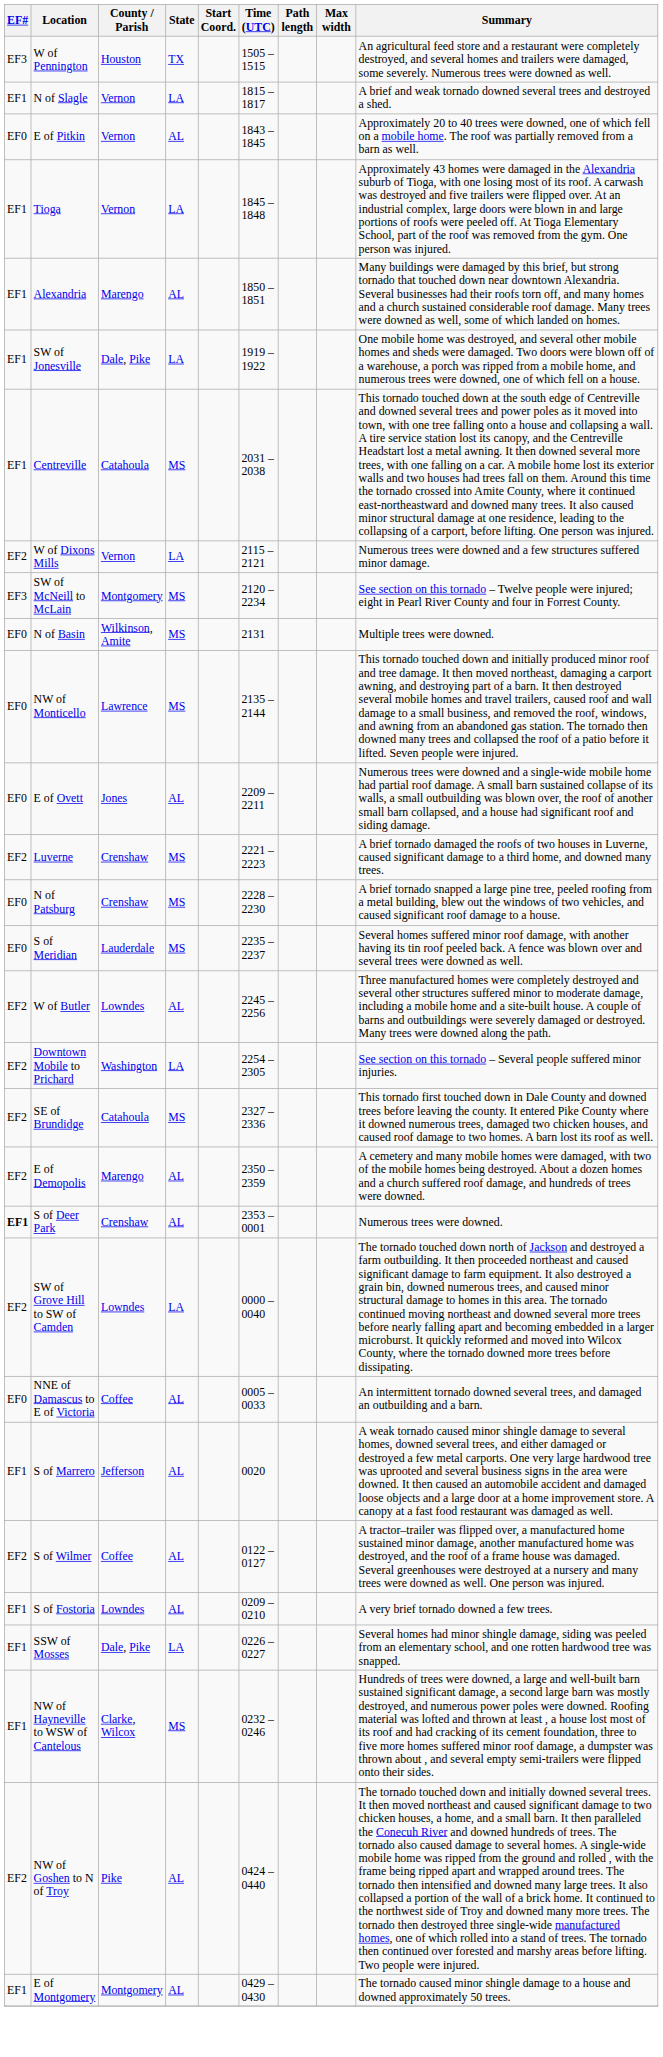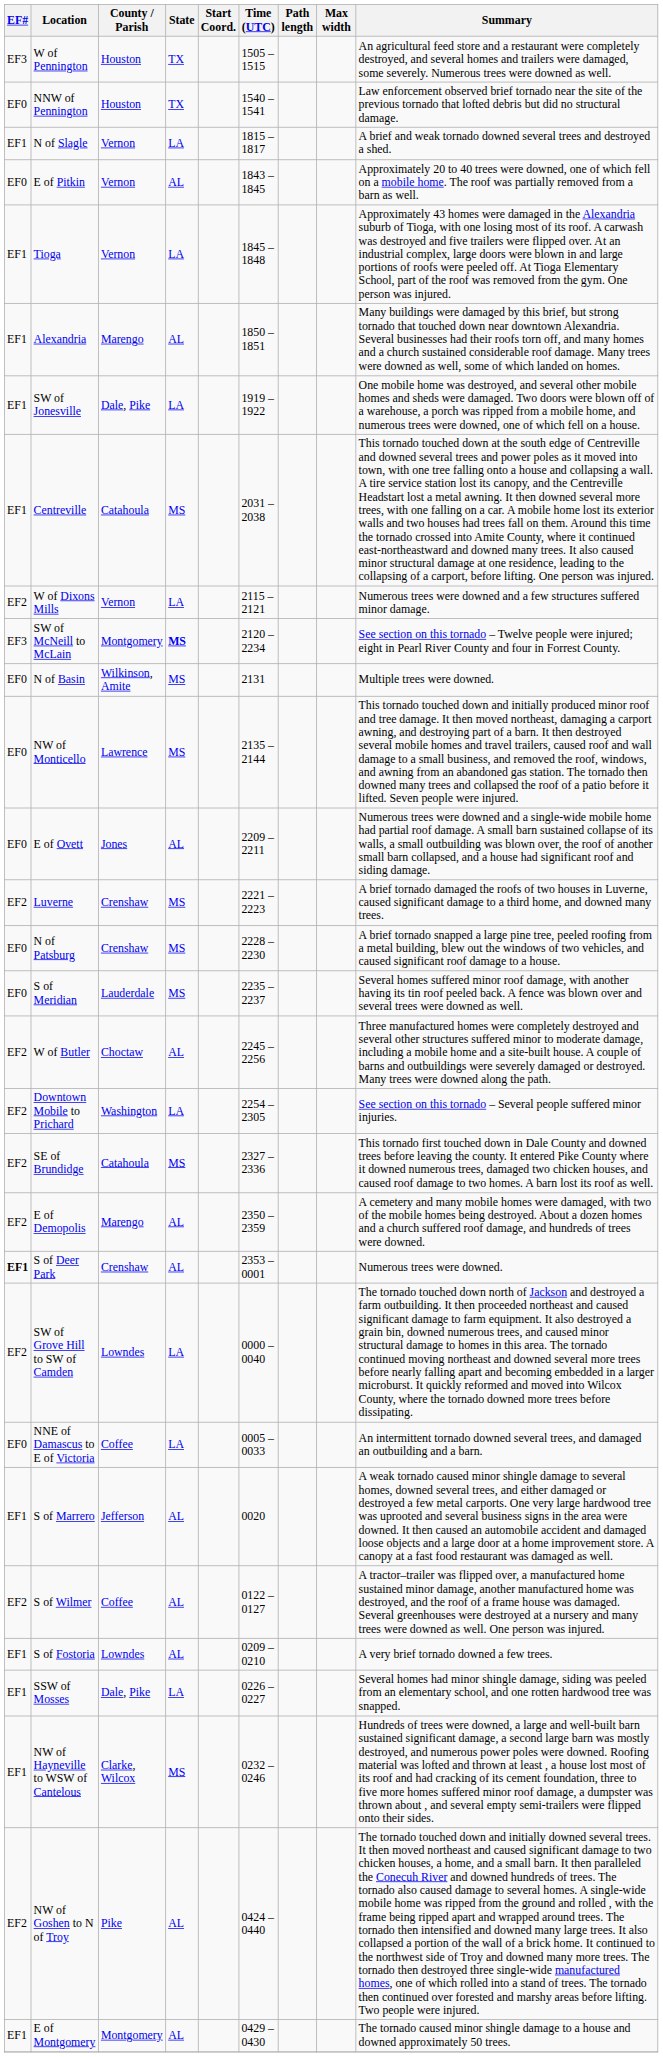 <table class="wikitable sortable" style="width:100%;">
 <tr>
 <th scope="col" width="3%" align="center"><a href='#'>EF#</a></th>
 <th scope="col" width="7%" align="center" class="unsortable">Location</th>
 <th scope="col" width="6%" align="center" class="unsortable">County / Parish</th>
 <th scope="col" width="5%" align="center">State</th>
 <th scope="col" width="6%" align="center">Start Coord.</th>
 <th scope="col" width="6%" align="center">Time (<a href='#'>UTC</a>)</th>
 <th scope="col" width="6%" align="center">Path length</th>
 <th scope="col" width="6%" align="center">Max width</th>
 <th scope="col" width="48%" class="unsortable" align="center">Summary</th>
 </tr>
 <tr>
 <td>EF3</td>
 <td>W of <a href='#'>Pennington</a></td>
 <td><a href='#'>Houston</a></td>
 <td><a href='#'>TX</a></td>
 <td></td>
 <td>1505 – 1515</td>
 <td></td>
 <td></td>
 <td>An agricultural feed store and a restaurant were completely destroyed, and several homes and trailers were damaged, some severely. Numerous trees were downed as well.</td>
+</tr>
+<tr>
+<td>EF0</td>
+<td>NNW of <a href='#'>Pennington</a></td>
+<td><a href='#'>Houston</a></td>
+<td><a href='#'>TX</a></td>
+<td></td>
+<td>1540 – 1541</td>
+<td></td>
+<td></td>
+<td>Law enforcement observed brief tornado near the site of the previous tornado that lofted debris but did no structural damage.</td>
 </tr>
 <tr>
 <td>EF1</td>
 <td>N of <a href='#'>Slagle</a></td>
 <td><a href='#'>Vernon</a></td>
 <td><a href='#'>LA</a></td>
 <td></td>
 <td>1815 – 1817</td>
 <td></td>
 <td></td>
 <td>A brief and weak tornado downed several trees and destroyed a shed.</td>
 </tr>
 <tr>
 <td>EF0</td>
 <td>E of <a href='#'>Pitkin</a></td>
 <td><a href='#'>Vernon</a></td>
 <td><a href='#'>AL</a></td>
 <td></td>
 <td>1843 – 1845</td>
 <td></td>
 <td></td>
 <td>Approximately 20 to 40 trees were downed, one of which fell on a <a href='#'>mobile home</a>. The roof was partially removed from a barn as well.</td>
 </tr>
 <tr>
 <td>EF1</td>
 <td><a href='#'>Tioga</a></td>
 <td><a href='#'>Vernon</a></td>
 <td><a href='#'>LA</a></td>
 <td></td>
 <td>1845 – 1848</td>
 <td></td>
 <td></td>
 <td>Approximately 43 homes were damaged in the <a href='#'>Alexandria</a> suburb of Tioga, with one losing most of its roof. A carwash was destroyed and five trailers were flipped over. At an industrial complex, large doors were blown in and large portions of roofs were peeled off. At Tioga Elementary School, part of the roof was removed from the gym. One person was injured.</td>
 </tr>
 <tr>
 <td>EF1</td>
 <td><a href='#'>Alexandria</a></td>
 <td><a href='#'>Marengo</a></td>
 <td><a href='#'>AL</a></td>
 <td></td>
 <td>1850 – 1851</td>
 <td></td>
 <td></td>
 <td>Many buildings were damaged by this brief, but strong tornado that touched down near downtown Alexandria. Several businesses had their roofs torn off, and many homes and a church sustained considerable roof damage. Many trees were downed as well, some of which landed on homes.</td>
 </tr>
 <tr>
 <td>EF1</td>
 <td>SW of <a href='#'>Jonesville</a></td>
 <td><a href='#'>Dale</a>, <a href='#'>Pike</a></td>
 <td><a href='#'>LA</a></td>
 <td></td>
 <td>1919 – 1922</td>
 <td></td>
 <td></td>
 <td>One mobile home was destroyed, and several other mobile homes and sheds were damaged. Two doors were blown off of a warehouse, a porch was ripped from a mobile home, and numerous trees were downed, one of which fell on a house.</td>
 </tr>
 <tr>
 <td>EF1</td>
 <td><a href='#'>Centreville</a></td>
 <td><a href='#'>Catahoula</a></td>
 <td><a href='#'>MS</a></td>
 <td></td>
 <td>2031 – 2038</td>
 <td></td>
 <td></td>
 <td>This tornado touched down at the south edge of Centreville and downed several trees and power poles as it moved into town, with one tree falling onto a house and collapsing a wall. A tire service station lost its canopy, and the Centreville Headstart lost a metal awning. It then downed several more trees, with one falling on a car. A mobile home lost its exterior walls and two houses had trees fall on them. Around this time the tornado crossed into Amite County, where it continued east-northeastward and downed many trees. It also caused minor structural damage at one residence, leading to the collapsing of a carport, before lifting. One person was injured.</td>
 </tr>
 <tr>
 <td>EF2</td>
 <td>W of <a href='#'>Dixons Mills</a></td>
 <td><a href='#'>Vernon</a></td>
 <td><a href='#'>LA</a></td>
 <td></td>
 <td>2115 – 2121</td>
 <td></td>
 <td></td>
 <td>Numerous trees were downed and a few structures suffered minor damage.</td>
 </tr>
 <tr>
 <td>EF3</td>
 <td>SW of <a href='#'>McNeill</a> to <a href='#'>McLain</a></td>
 <td><a href='#'>Montgomery</a></td>
-<td><a href='#'>MS</a></td>
+<td><strong><a href='#'>MS</a></strong></td>
 <td></td>
 <td>2120 – 2234</td>
 <td></td>
 <td></td>
 <td><a href='#'>See section on this tornado</a> – Twelve people were injured; eight in Pearl River County and four in Forrest County.</td>
 </tr>
 <tr>
 <td>EF0</td>
 <td>N of <a href='#'>Basin</a></td>
 <td><a href='#'>Wilkinson</a>, <a href='#'>Amite</a></td>
 <td><a href='#'>MS</a></td>
 <td></td>
 <td>2131</td>
 <td></td>
 <td></td>
 <td>Multiple trees were downed.</td>
 </tr>
 <tr>
 <td>EF0</td>
 <td>NW of <a href='#'>Monticello</a></td>
 <td><a href='#'>Lawrence</a></td>
 <td><a href='#'>MS</a></td>
 <td></td>
 <td>2135 – 2144</td>
 <td></td>
 <td></td>
 <td>This tornado touched down and initially produced minor roof and tree damage. It then moved northeast, damaging a carport awning, and destroying part of a barn. It then destroyed several mobile homes and travel trailers, caused roof and wall damage to a small business, and removed the roof, windows, and awning from an abandoned gas station. The tornado then downed many trees and collapsed the roof of a patio before it lifted. Seven people were injured.</td>
 </tr>
 <tr>
 <td>EF0</td>
 <td>E of <a href='#'>Ovett</a></td>
 <td><a href='#'>Jones</a></td>
 <td><a href='#'>AL</a></td>
 <td></td>
 <td>2209 – 2211</td>
 <td></td>
 <td></td>
 <td>Numerous trees were downed and a single-wide mobile home had partial roof damage. A small barn sustained collapse of its walls, a small outbuilding was blown over, the roof of another small barn collapsed, and a house had significant roof and siding damage.</td>
 </tr>
 <tr>
 <td>EF2</td>
 <td><a href='#'>Luverne</a></td>
 <td><a href='#'>Crenshaw</a></td>
 <td><a href='#'>MS</a></td>
 <td></td>
 <td>2221 – 2223</td>
 <td></td>
 <td></td>
 <td>A brief tornado damaged the roofs of two houses in Luverne, caused significant damage to a third home, and downed many trees.</td>
 </tr>
 <tr>
 <td>EF0</td>
 <td>N of <a href='#'>Patsburg</a></td>
 <td><a href='#'>Crenshaw</a></td>
 <td><a href='#'>MS</a></td>
 <td></td>
 <td>2228 – 2230</td>
 <td></td>
 <td></td>
 <td>A brief tornado snapped a large pine tree, peeled roofing from a metal building, blew out the windows of two vehicles, and caused significant roof damage to a house.</td>
 </tr>
 <tr>
 <td>EF0</td>
 <td>S of <a href='#'>Meridian</a></td>
 <td><a href='#'>Lauderdale</a></td>
 <td><a href='#'>MS</a></td>
 <td></td>
 <td>2235 – 2237</td>
 <td></td>
 <td></td>
 <td>Several homes suffered minor roof damage, with another having its tin roof peeled back. A fence was blown over and several trees were downed as well.</td>
 </tr>
 <tr>
 <td>EF2</td>
 <td>W of <a href='#'>Butler</a></td>
-<td><a href='#'>Lowndes</a></td>
+<td><a href='#'>Choctaw</a></td>
 <td><a href='#'>AL</a></td>
 <td></td>
 <td>2245 – 2256</td>
 <td></td>
 <td></td>
 <td>Three manufactured homes were completely destroyed and several other structures suffered minor to moderate damage, including a mobile home and a site-built house. A couple of barns and outbuildings were severely damaged or destroyed. Many trees were downed along the path.</td>
 </tr>
 <tr>
 <td>EF2</td>
 <td><a href='#'>Downtown Mobile</a> to <a href='#'>Prichard</a></td>
 <td><a href='#'>Washington</a></td>
 <td><a href='#'>LA</a></td>
 <td></td>
 <td>2254 – 2305</td>
 <td></td>
 <td></td>
 <td><a href='#'>See section on this tornado</a> – Several people suffered minor injuries.</td>
 </tr>
 <tr>
 <td>EF2</td>
 <td>SE of <a href='#'>Brundidge</a></td>
 <td><a href='#'>Catahoula</a></td>
 <td><a href='#'>MS</a></td>
 <td></td>
 <td>2327 – 2336</td>
 <td></td>
 <td></td>
 <td>This tornado first touched down in Dale County and downed trees before leaving the county. It entered Pike County where it downed numerous trees, damaged two chicken houses, and caused roof damage to two homes. A barn lost its roof as well.</td>
 </tr>
 <tr>
 <td>EF2</td>
 <td>E of <a href='#'>Demopolis</a></td>
 <td><a href='#'>Marengo</a></td>
 <td><a href='#'>AL</a></td>
 <td></td>
 <td>2350 – 2359</td>
 <td></td>
 <td></td>
 <td>A cemetery and many mobile homes were damaged, with two of the mobile homes being destroyed. About a dozen homes and a church suffered roof damage, and hundreds of trees were downed.</td>
 </tr>
 <tr>
 <td><strong>EF1</strong></td>
 <td>S of <a href='#'>Deer Park</a></td>
 <td><a href='#'>Crenshaw</a></td>
 <td><a href='#'>AL</a></td>
 <td></td>
 <td>2353 – 0001</td>
 <td></td>
 <td></td>
 <td>Numerous trees were downed.</td>
 </tr>
 <tr>
 <td>EF2</td>
 <td>SW of <a href='#'>Grove Hill</a> to SW of <a href='#'>Camden</a></td>
 <td><a href='#'>Lowndes</a></td>
 <td><a href='#'>LA</a></td>
 <td></td>
 <td>0000 – 0040</td>
 <td></td>
 <td></td>
 <td>The tornado touched down north of <a href='#'>Jackson</a> and destroyed a farm outbuilding. It then proceeded northeast and caused significant damage to farm equipment. It also destroyed a grain bin, downed numerous trees, and caused minor structural damage to homes in this area. The tornado continued moving northeast and downed several more trees before nearly falling apart and becoming embedded in a larger microburst. It quickly reformed and moved into Wilcox County, where the tornado downed more trees before dissipating.</td>
 </tr>
 <tr>
 <td>EF0</td>
 <td>NNE of <a href='#'>Damascus</a> to E of <a href='#'>Victoria</a></td>
 <td><a href='#'>Coffee</a></td>
-<td><a href='#'>AL</a></td>
+<td><a href='#'>LA</a></td>
 <td></td>
 <td>0005 – 0033</td>
 <td></td>
 <td></td>
 <td>An intermittent tornado downed several trees, and damaged an outbuilding and a barn.</td>
 </tr>
 <tr>
 <td>EF1</td>
 <td>S of <a href='#'>Marrero</a></td>
 <td><a href='#'>Jefferson</a></td>
 <td><a href='#'>AL</a></td>
 <td></td>
 <td>0020</td>
 <td></td>
 <td></td>
 <td>A weak tornado caused minor shingle damage to several homes, downed several trees, and either damaged or destroyed a few metal carports. One very large hardwood tree was uprooted and several business signs in the area were downed. It then caused an automobile accident and damaged loose objects and a large door at a home improvement store. A canopy at a fast food restaurant was damaged as well.</td>
 </tr>
 <tr>
 <td>EF2</td>
 <td>S of <a href='#'>Wilmer</a></td>
 <td><a href='#'>Coffee</a></td>
 <td><a href='#'>AL</a></td>
 <td></td>
 <td>0122 – 0127</td>
 <td></td>
 <td></td>
 <td>A tractor–trailer was flipped over, a manufactured home sustained minor damage, another manufactured home was destroyed, and the roof of a frame house was damaged. Several greenhouses were destroyed at a nursery and many trees were downed as well. One person was injured.</td>
 </tr>
 <tr>
 <td>EF1</td>
 <td>S of <a href='#'>Fostoria</a></td>
 <td><a href='#'>Lowndes</a></td>
 <td><a href='#'>AL</a></td>
 <td></td>
 <td>0209 – 0210</td>
 <td></td>
 <td></td>
 <td>A very brief tornado downed a few trees.</td>
 </tr>
 <tr>
 <td>EF1</td>
 <td>SSW of <a href='#'>Mosses</a></td>
 <td><a href='#'>Dale</a>, <a href='#'>Pike</a></td>
 <td><a href='#'>LA</a></td>
 <td></td>
 <td>0226 – 0227</td>
 <td></td>
 <td></td>
 <td>Several homes had minor shingle damage, siding was peeled from an elementary school, and one rotten hardwood tree was snapped.</td>
 </tr>
 <tr>
 <td>EF1</td>
 <td>NW of <a href='#'>Hayneville</a> to WSW of <a href='#'>Cantelous</a></td>
 <td><a href='#'>Clarke</a>, <a href='#'>Wilcox</a></td>
 <td><a href='#'>MS</a></td>
 <td></td>
 <td>0232 – 0246</td>
 <td></td>
 <td></td>
 <td>Hundreds of trees were downed, a large and well-built barn sustained significant damage, a second large barn was mostly destroyed, and numerous power poles were downed. Roofing material was lofted and thrown at least , a house lost most of its roof and had cracking of its cement foundation, three to five more homes suffered minor roof damage, a dumpster was thrown about , and several empty semi-trailers were flipped onto their sides.</td>
 </tr>
 <tr>
 <td>EF2</td>
 <td>NW of <a href='#'>Goshen</a> to N of <a href='#'>Troy</a></td>
 <td><a href='#'>Pike</a></td>
 <td><a href='#'>AL</a></td>
 <td></td>
 <td>0424 – 0440</td>
 <td></td>
 <td></td>
 <td>The tornado touched down and initially downed several trees. It then moved northeast and caused significant damage to two chicken houses, a home, and a small barn. It then paralleled the <a href='#'>Conecuh River</a> and downed hundreds of trees. The tornado also caused damage to several homes. A single-wide mobile home was ripped from the ground and rolled , with the frame being ripped apart and wrapped around trees. The tornado then intensified and downed many large trees. It also collapsed a portion of the wall of a brick home. It continued to the northwest side of Troy and downed many more trees. The tornado then destroyed three single-wide <a href='#'>manufactured homes</a>, one of which rolled into a stand of trees. The tornado then continued over forested and marshy areas before lifting. Two people were injured.</td>
 </tr>
 <tr>
 <td>EF1</td>
 <td>E of <a href='#'>Montgomery</a></td>
 <td><a href='#'>Montgomery</a></td>
 <td><a href='#'>AL</a></td>
 <td></td>
 <td>0429 – 0430</td>
 <td></td>
 <td></td>
 <td>The tornado caused minor shingle damage to a house and downed approximately 50 trees.</td>
 </tr>
 <tr>
 </tr>
 </table>
